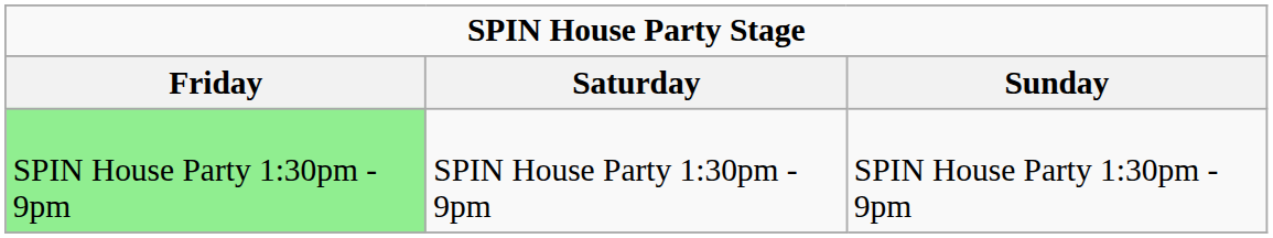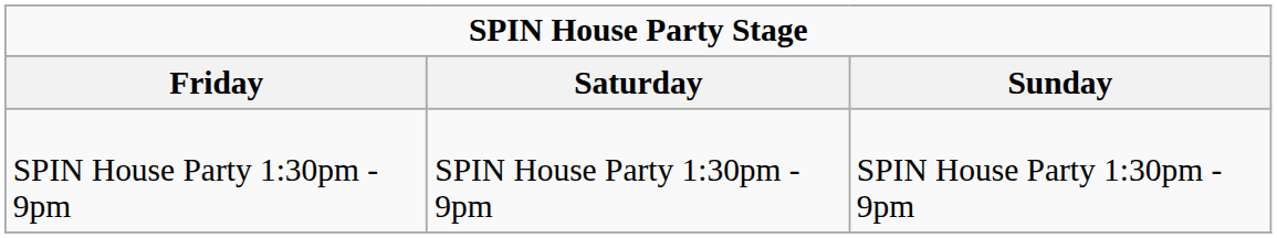 <table class="wikitable">
 <tr>
 <td colspan="3" style="text-align:center;"><strong>SPIN House Party Stage</strong></td>
 </tr>
 <tr>
 <th>Friday</th>
 <th>Saturday</th>
 <th>Sunday</th>
 </tr>
 <tr>
-<td style="background: lightgreen; text-align:left; vertical-align:top; width:200px;"><br>SPIN House Party 1:30pm - 9pm</td>
+<td style="text-align:left; vertical-align:top; width:200px;"><br>SPIN House Party 1:30pm - 9pm</td>
 <td style="text-align:left; vertical-align:top; width:200px;"><br>SPIN House Party 1:30pm - 9pm</td>
 <td style="text-align:left; vertical-align:top; width:200px;"><br>SPIN House Party 1:30pm - 9pm</td>
 </tr>
 </table>
